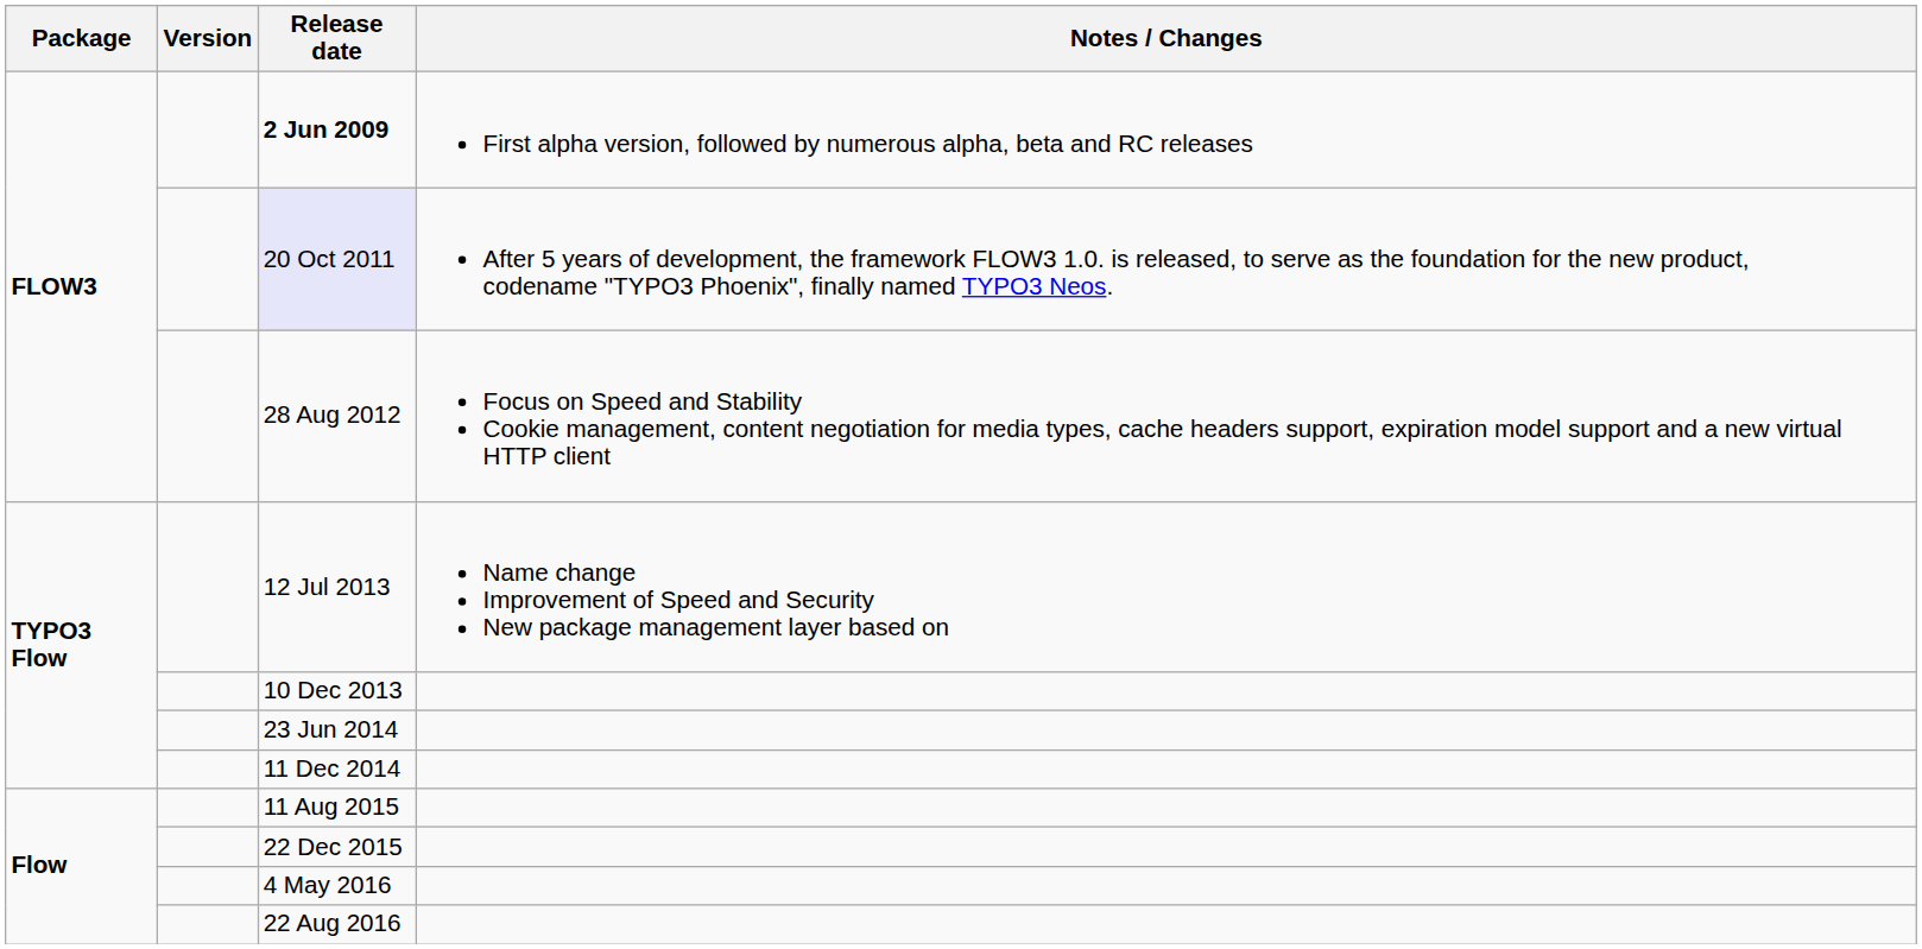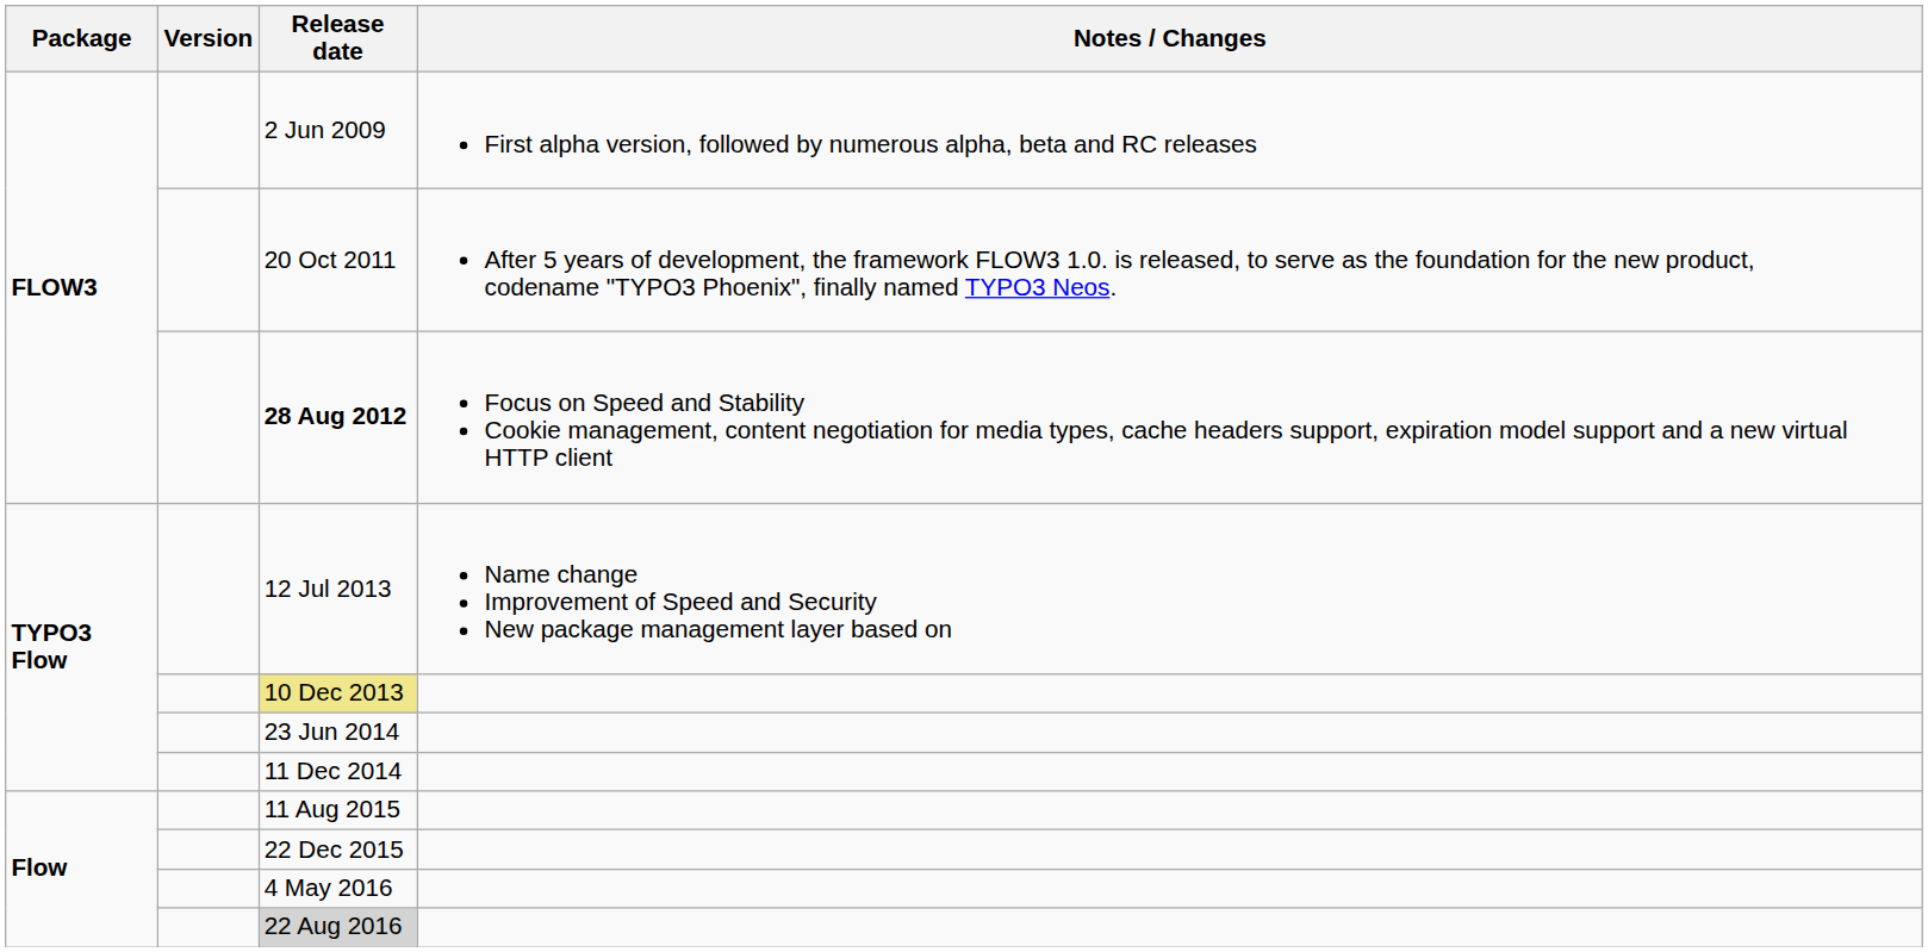 <table class="wikitable">
 <tr style="background-color: #ececec;" |>
 <th>Package</th>
 <th>Version</th>
 <th>Release date</th>
 <th>Notes / Changes</th>
 </tr>
 <tr>
 <td rowspan=3><strong>FLOW3</strong></td>
 <td></td>
-<td><strong>2 Jun 2009</strong></td>
+<td>2 Jun 2009</td>
 <td><br><ul><li>First alpha version, followed by numerous alpha, beta and RC releases</li></ul></td>
 </tr>
 <tr>
 <td></td>
-<td style="background: lavender;">20 Oct 2011</td>
+<td>20 Oct 2011</td>
 <td><br><ul><li>After 5 years of development, the framework FLOW3 1.0. is released, to serve as the foundation for the new product,<br>codename "TYPO3 Phoenix", finally named <a href='#'>TYPO3 Neos</a>.</li></ul></td>
 </tr>
 <tr>
 <td></td>
-<td>28 Aug 2012</td>
+<td><strong>28 Aug 2012</strong></td>
 <td><br><ul><li>Focus on Speed and Stability</li><li>Cookie management, content negotiation for media types, cache headers support, expiration model support and a new virtual HTTP client </li></ul></td>
 </tr>
 <tr>
 <td rowspan=4><strong>TYPO3 Flow</strong></td>
 <td></td>
 <td>12 Jul 2013</td>
 <td><br><ul><li>Name change</li><li>Improvement of Speed and Security </li><li>New package management layer based on </li></ul></td>
 </tr>
 <tr>
 <td></td>
-<td>10 Dec 2013</td>
+<td style="background: khaki;">10 Dec 2013</td>
 <td></td>
 </tr>
 <tr>
 <td></td>
 <td>23 Jun 2014</td>
 <td></td>
 </tr>
 <tr>
 <td></td>
 <td>11 Dec 2014</td>
 <td></td>
 </tr>
 <tr>
 <td rowspan=4><strong>Flow</strong></td>
 <td></td>
 <td>11 Aug 2015</td>
 <td></td>
 </tr>
 <tr>
 <td></td>
 <td>22 Dec 2015</td>
 <td></td>
 </tr>
 <tr>
 <td></td>
 <td>4 May 2016</td>
 <td></td>
 </tr>
 <tr>
 <td></td>
-<td>22 Aug 2016</td>
+<td style="background: lightgrey;">22 Aug 2016</td>
 <td></td>
 </tr>
 <tr>
 </tr>
 </table>
